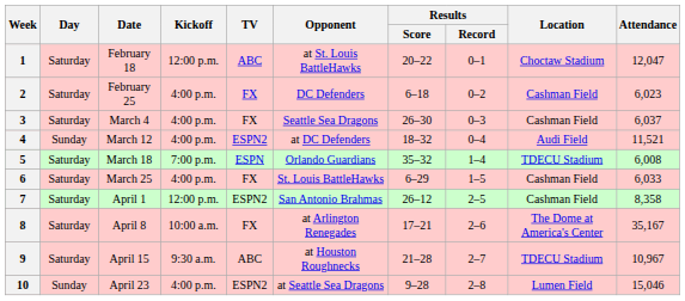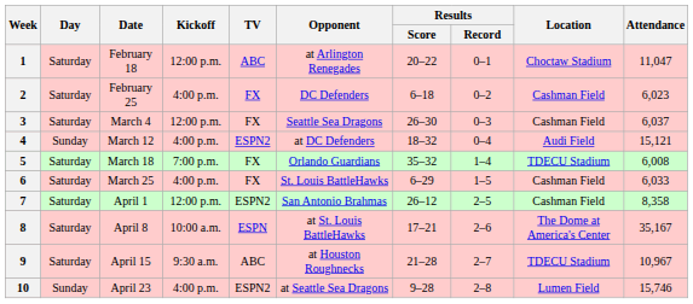 <table class="wikitable" style="text-align:center; font-size: 95%;">
 <tr>
 <th rowspan="2" width="40">Week</th>
 <th rowspan="2" width="80">Day</th>
 <th rowspan="2" width="90">Date</th>
 <th rowspan="2" width="90">Kickoff</th>
 <th rowspan="2" width="60">TV</th>
 <th rowspan="2" width="200">Opponent</th>
 <th colspan="2" width="200">Results</th>
 <th rowspan="2" width="200">Location</th>
 <th rowspan="2">Attendance</th>
 </tr>
 <tr>
 <th width="60">Score</th>
 <th width="60">Record</th>
 </tr>
 <tr bgcolor=#ffcccc>
 <th>1</th>
 <td>Saturday</td>
 <td>February 18</td>
 <td>12:00 p.m.</td>
 <td><a href='#'>ABC</a></td>
-<td>at <a href='#'>St. Louis BattleHawks</a></td>
+<td>at <a href='#'>Arlington Renegades</a></td>
 <td>20–22</td>
 <td>0–1</td>
 <td><a href='#'>Choctaw Stadium</a></td>
-<td>12,047</td>
+<td>11,047</td>
 </tr>
 <tr bgcolor=#ffcccc>
 <th>2</th>
 <td>Saturday</td>
 <td>February 25</td>
 <td>4:00 p.m.</td>
 <td><a href='#'>FX</a></td>
 <td><a href='#'>DC Defenders</a></td>
 <td>6–18</td>
 <td>0–2</td>
 <td><a href='#'>Cashman Field</a></td>
 <td>6,023</td>
 </tr>
 <tr bgcolor=#ffcccc>
 <th>3</th>
 <td>Saturday</td>
 <td>March 4</td>
-<td>4:00 p.m.</td>
+<td>12:00 p.m.</td>
 <td>FX</td>
 <td><a href='#'>Seattle Sea Dragons</a></td>
 <td>26–30</td>
 <td>0–3</td>
 <td>Cashman Field</td>
 <td>6,037</td>
 </tr>
 <tr bgcolor=#ffcccc>
 <th>4</th>
 <td>Sunday</td>
 <td>March 12</td>
 <td>4:00 p.m.</td>
 <td><a href='#'>ESPN2</a></td>
 <td>at <a href='#'>DC Defenders</a></td>
 <td>18–32</td>
 <td>0–4</td>
 <td><a href='#'>Audi Field</a></td>
-<td>11,521</td>
+<td>15,121</td>
 </tr>
 <tr bgcolor=#ccffcc>
 <th>5</th>
 <td>Saturday</td>
 <td>March 18</td>
 <td>7:00 p.m.</td>
-<td><a href='#'>ESPN</a></td>
+<td>FX</td>
 <td><a href='#'>Orlando Guardians</a></td>
 <td>35–32</td>
 <td>1–4</td>
 <td><a href='#'>TDECU Stadium</a></td>
 <td>6,008</td>
 </tr>
 <tr bgcolor=#ffcccc>
 <th>6</th>
 <td>Saturday</td>
 <td>March 25</td>
 <td>4:00 p.m.</td>
 <td>FX</td>
 <td><a href='#'>St. Louis BattleHawks</a></td>
 <td>6–29</td>
 <td>1–5</td>
 <td>Cashman Field</td>
 <td>6,033</td>
 </tr>
 <tr bgcolor=#ccffcc>
 <th>7</th>
 <td>Saturday</td>
 <td>April 1</td>
 <td>12:00 p.m.</td>
 <td>ESPN2</td>
 <td><a href='#'>San Antonio Brahmas</a></td>
 <td>26–12</td>
 <td>2–5</td>
 <td>Cashman Field</td>
 <td>8,358</td>
 </tr>
 <tr bgcolor=#ffcccc>
 <th>8</th>
 <td>Saturday</td>
 <td>April 8</td>
 <td>10:00 a.m.</td>
-<td>FX</td>
-<td>at <a href='#'>Arlington Renegades</a></td>
+<td><a href='#'>ESPN</a></td>
+<td>at <a href='#'>St. Louis BattleHawks</a></td>
 <td>17–21 </td>
 <td>2–6</td>
 <td><a href='#'>The Dome at America's Center</a></td>
 <td>35,167</td>
 </tr>
 <tr bgcolor=#ffcccc>
 <th>9</th>
 <td>Saturday</td>
 <td>April 15</td>
 <td>9:30 a.m.</td>
 <td>ABC</td>
 <td>at <a href='#'>Houston Roughnecks</a></td>
 <td>21–28</td>
 <td>2–7</td>
 <td><a href='#'>TDECU Stadium</a></td>
 <td>10,967</td>
 </tr>
 <tr bgcolor=#ffcccc>
 <th>10</th>
 <td>Sunday</td>
 <td>April 23</td>
 <td>4:00 p.m.</td>
 <td>ESPN2</td>
 <td>at <a href='#'>Seattle Sea Dragons</a></td>
 <td>9–28</td>
 <td>2–8</td>
 <td><a href='#'>Lumen Field</a></td>
-<td>15,046</td>
+<td>15,746</td>
 </tr>
 </table>
